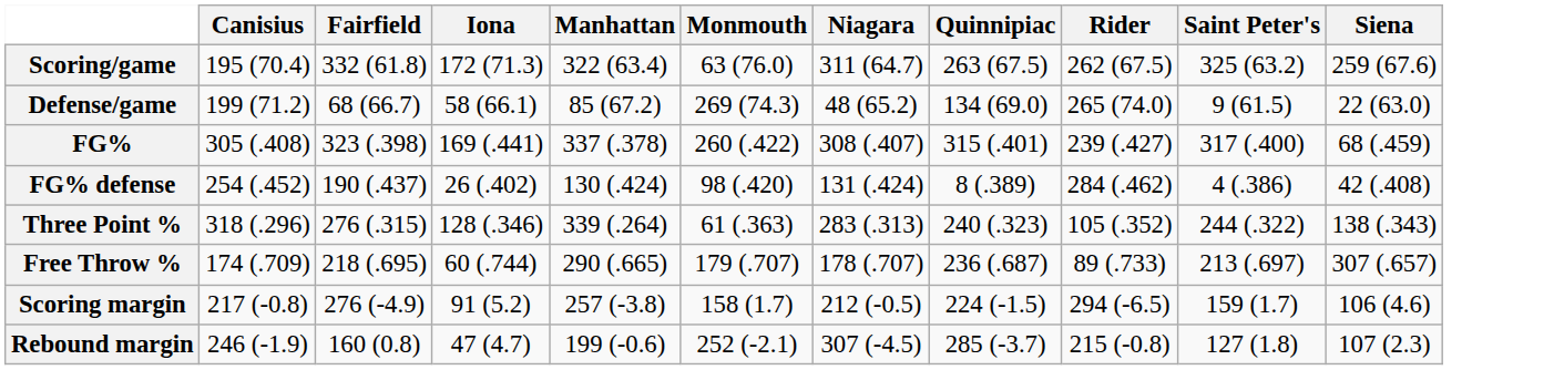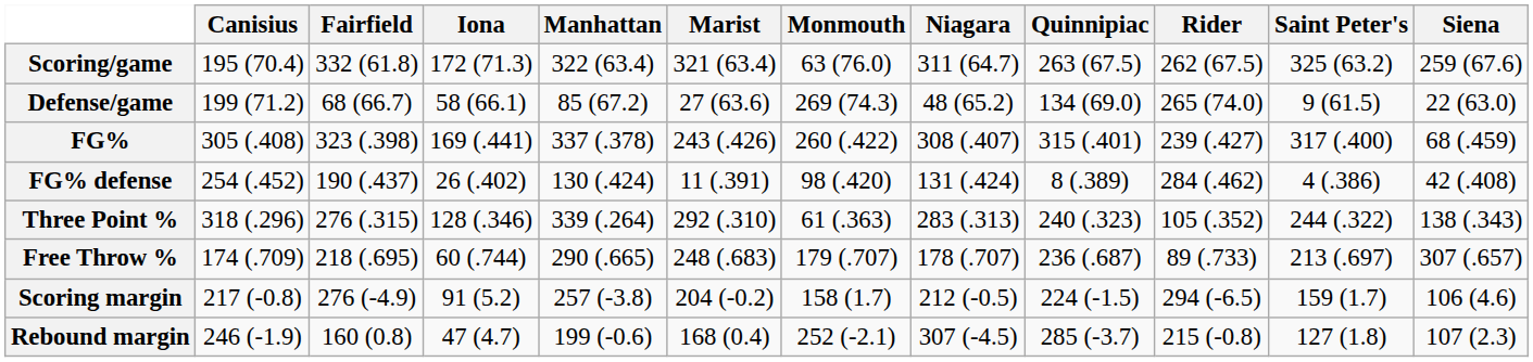 <table class="wikitable" style="white-space:nowrap;">
 <tr>
 <th colspan=1 style="background:white; border-top-style:hidden; border-left-style:hidden;"   width=75> </th>
 <th>Canisius</th>
 <th>Fairfield</th>
 <th>Iona</th>
 <th>Manhattan</th>
+<th>Marist</th>
 <th>Monmouth</th>
 <th>Niagara</th>
 <th>Quinnipiac</th>
 <th>Rider</th>
 <th>Saint Peter's</th>
 <th>Siena</th>
 </tr>
 <tr style="text-align:center;">
 <th>Scoring/game</th>
 <td>195 (70.4)</td>
 <td>332 (61.8)</td>
 <td>172 (71.3)</td>
 <td>322 (63.4)</td>
+<td>321 (63.4)</td>
 <td>63 (76.0)</td>
 <td>311 (64.7)</td>
 <td>263 (67.5)</td>
 <td>262 (67.5)</td>
 <td>325 (63.2)</td>
 <td>259 (67.6)</td>
 </tr>
 <tr style="text-align:center;">
 <th>Defense/game</th>
 <td>199 (71.2)</td>
 <td>68 (66.7)</td>
 <td>58 (66.1)</td>
 <td>85 (67.2)</td>
+<td>27 (63.6)</td>
 <td>269 (74.3)</td>
 <td>48 (65.2)</td>
 <td>134 (69.0)</td>
 <td>265 (74.0)</td>
 <td>9 (61.5)</td>
 <td>22 (63.0)</td>
 </tr>
 <tr style="text-align:center;">
 <th>FG%</th>
 <td>305 (.408)</td>
 <td>323 (.398)</td>
 <td>169 (.441)</td>
 <td>337 (.378)</td>
+<td>243 (.426)</td>
 <td>260 (.422)</td>
 <td>308 (.407)</td>
 <td>315 (.401)</td>
 <td>239 (.427)</td>
 <td>317 (.400)</td>
 <td>68 (.459)</td>
 </tr>
 <tr style="text-align:center;">
 <th>FG% defense</th>
 <td>254 (.452)</td>
 <td>190 (.437)</td>
 <td>26 (.402)</td>
 <td>130 (.424)</td>
+<td>11 (.391)</td>
 <td>98 (.420)</td>
 <td>131 (.424)</td>
 <td>8 (.389)</td>
 <td>284 (.462)</td>
 <td>4 (.386)</td>
 <td>42 (.408)</td>
 </tr>
 <tr style="text-align:center;">
 <th>Three Point %</th>
 <td>318 (.296)</td>
 <td>276 (.315)</td>
 <td>128 (.346)</td>
 <td>339 (.264)</td>
+<td>292 (.310)</td>
 <td>61 (.363)</td>
 <td>283 (.313)</td>
 <td>240 (.323)</td>
 <td>105 (.352)</td>
 <td>244 (.322)</td>
 <td>138 (.343)</td>
 </tr>
 <tr style="text-align:center;">
 <th>Free Throw %</th>
 <td>174 (.709)</td>
 <td>218 (.695)</td>
 <td>60 (.744)</td>
 <td>290 (.665)</td>
+<td>248 (.683)</td>
 <td>179 (.707)</td>
 <td>178 (.707)</td>
 <td>236 (.687)</td>
 <td>89 (.733)</td>
 <td>213 (.697)</td>
 <td>307 (.657)</td>
 </tr>
 <tr style="text-align:center;">
 <th>Scoring margin</th>
 <td>217 (-0.8)</td>
 <td>276 (-4.9)</td>
 <td>91 (5.2)</td>
 <td>257 (-3.8)</td>
+<td>204 (-0.2)</td>
 <td>158 (1.7)</td>
 <td>212 (-0.5)</td>
 <td>224 (-1.5)</td>
 <td>294 (-6.5)</td>
 <td>159 (1.7)</td>
 <td>106 (4.6)</td>
 </tr>
 <tr style="text-align:center;">
 <th>Rebound margin</th>
 <td>246 (-1.9)</td>
 <td>160 (0.8)</td>
 <td>47 (4.7)</td>
 <td>199 (-0.6)</td>
+<td>168 (0.4)</td>
 <td>252 (-2.1)</td>
 <td>307 (-4.5)</td>
 <td>285 (-3.7)</td>
 <td>215 (-0.8)</td>
 <td>127 (1.8)</td>
 <td>107 (2.3)</td>
 </tr>
 </table>
